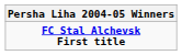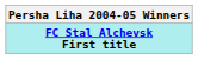 <table class="wikitable" style="text-align: center; margin: 0 auto;">
 <tr>
 <th>Persha Liha 2004-05 Winners</th>
 </tr>
 <tr>
-<td><strong><a href='#'>FC Stal Alchevsk</a></strong><br><strong>First title</strong></td>
+<td style="background: paleturquoise;"><strong><a href='#'>FC Stal Alchevsk</a></strong><br><strong>First title</strong></td>
 </tr>
 </table>
